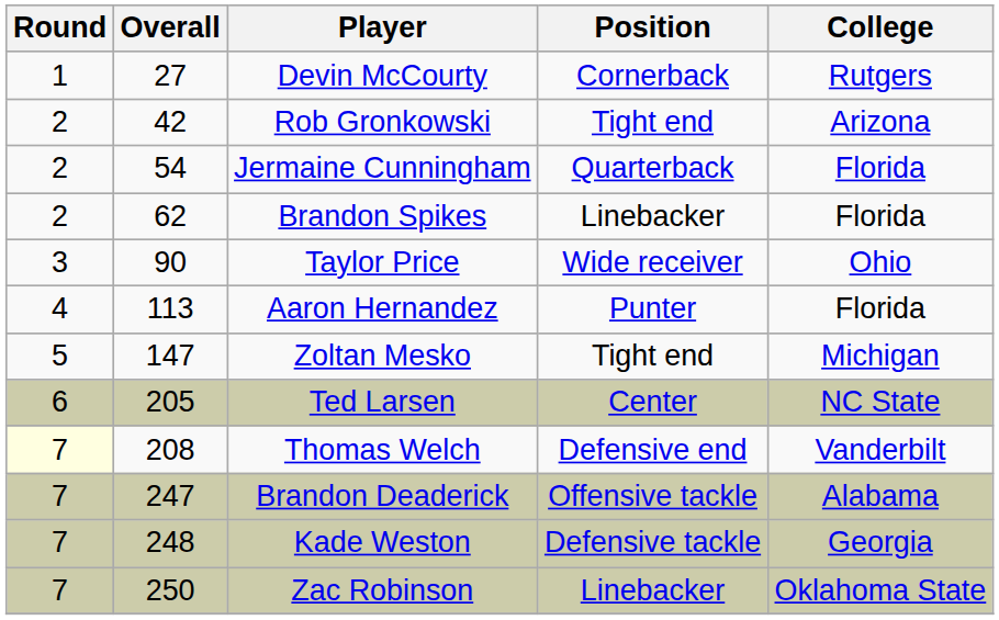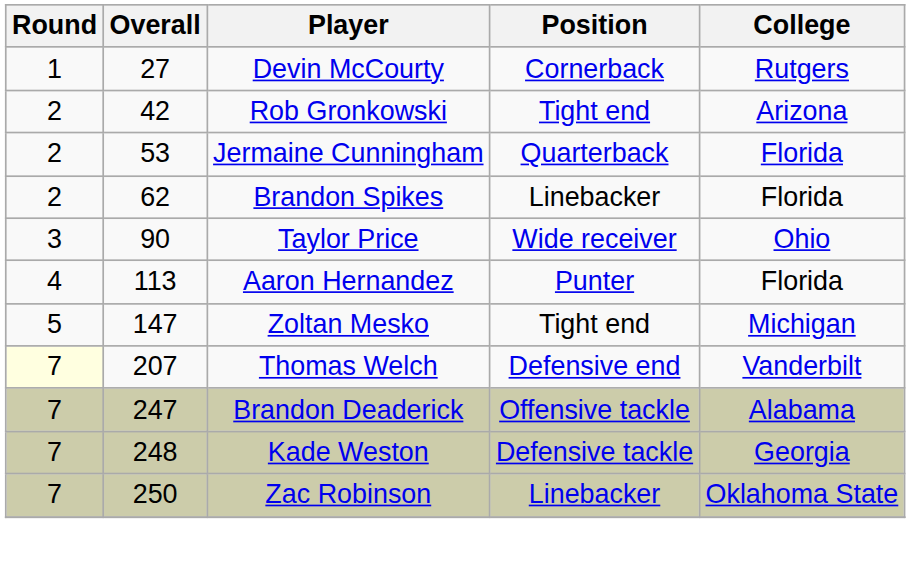 <table class="wikitable" style="text-align: center; margin-left: auto; margin-right: auto;">
 <tr>
 <th>Round</th>
 <th>Overall</th>
 <th>Player</th>
 <th>Position</th>
 <th>College</th>
 </tr>
 <tr>
 <td>1</td>
 <td>27</td>
 <td><a href='#'>Devin McCourty</a></td>
 <td><a href='#'>Cornerback</a></td>
 <td><a href='#'>Rutgers</a></td>
 </tr>
 <tr>
 <td>2</td>
 <td>42</td>
 <td><a href='#'>Rob Gronkowski</a></td>
 <td><a href='#'>Tight end</a></td>
 <td><a href='#'>Arizona</a></td>
 </tr>
 <tr>
 <td>2</td>
-<td>54</td>
+<td>53</td>
 <td><a href='#'>Jermaine Cunningham</a></td>
 <td><a href='#'>Quarterback</a></td>
 <td><a href='#'>Florida</a></td>
 </tr>
 <tr>
 <td>2</td>
 <td>62</td>
 <td><a href='#'>Brandon Spikes</a></td>
 <td>Linebacker</td>
 <td>Florida</td>
 </tr>
 <tr>
 <td>3</td>
 <td>90</td>
 <td><a href='#'>Taylor Price</a></td>
 <td><a href='#'>Wide receiver</a></td>
 <td><a href='#'>Ohio</a></td>
 </tr>
 <tr>
 <td>4</td>
 <td>113</td>
 <td><a href='#'>Aaron Hernandez</a></td>
 <td><a href='#'>Punter</a></td>
 <td>Florida</td>
 </tr>
 <tr>
 <td>5</td>
 <td>147</td>
 <td><a href='#'>Zoltan Mesko</a></td>
 <td>Tight end</td>
 <td><a href='#'>Michigan</a></td>
 </tr>
-<tr bgcolor=#ccccaa |>
-<td>6</td>
-<td>205</td>
-<td><a href='#'>Ted Larsen</a></td>
-<td><a href='#'>Center</a></td>
-<td><a href='#'>NC State</a></td>
-</tr>
 <tr>
 <td style="background: lightyellow;">7</td>
-<td>208</td>
+<td>207</td>
 <td><a href='#'>Thomas Welch</a></td>
 <td><a href='#'>Defensive end</a></td>
 <td><a href='#'>Vanderbilt</a></td>
 </tr>
 <tr bgcolor=#ccccaa |>
 <td>7</td>
 <td>247</td>
 <td><a href='#'>Brandon Deaderick</a></td>
 <td><a href='#'>Offensive tackle</a></td>
 <td><a href='#'>Alabama</a></td>
 </tr>
 <tr bgcolor=#ccccaa |>
 <td>7</td>
 <td>248</td>
 <td><a href='#'>Kade Weston</a></td>
 <td><a href='#'>Defensive tackle</a></td>
 <td><a href='#'>Georgia</a></td>
 </tr>
 <tr bgcolor=#ccccaa |>
 <td>7</td>
 <td>250</td>
 <td><a href='#'>Zac Robinson</a></td>
 <td><a href='#'>Linebacker</a></td>
 <td><a href='#'>Oklahoma State</a></td>
 </tr>
 <tr>
 </tr>
 </table>
